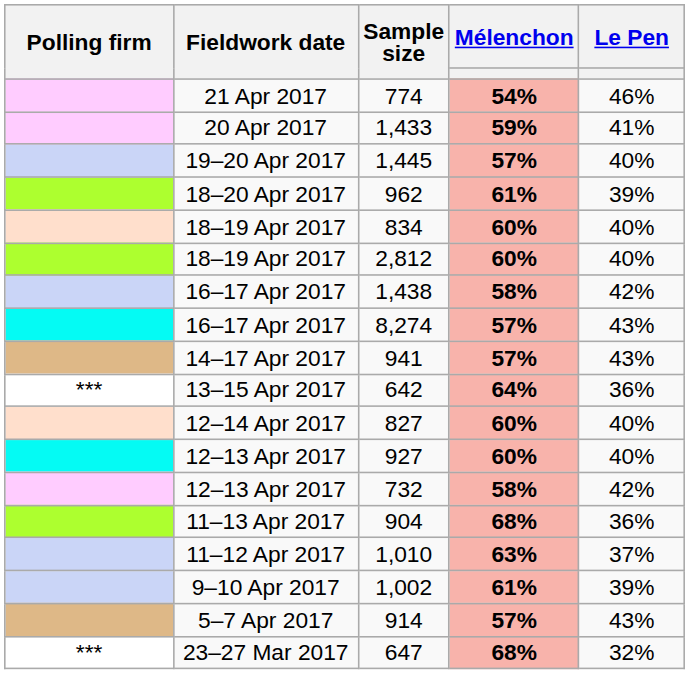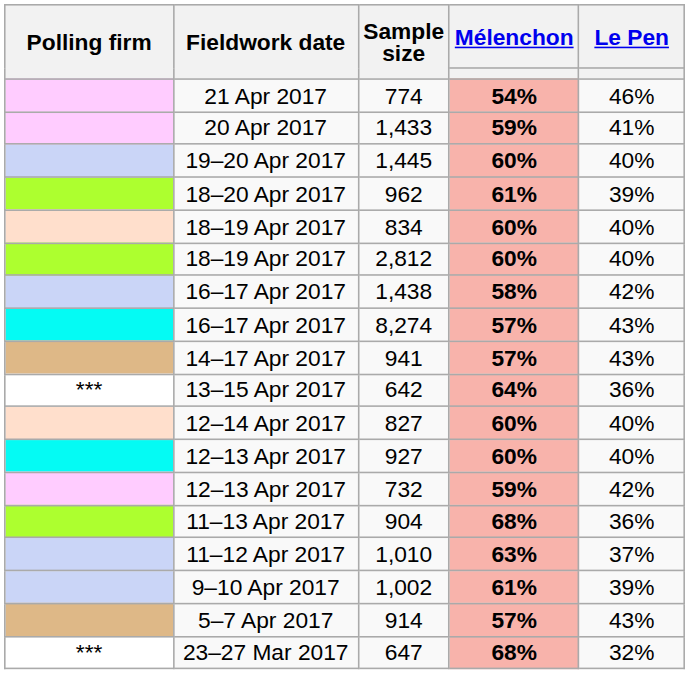 <table class="wikitable sortable" style="text-align:center;font-size:90%;line-height:14px;">
 <tr style="height:40px;">
 <th style="width:100px;" rowspan="2">Polling firm</th>
 <th style="width:110px;" rowspan="2">Fieldwork date</th>
 <th style="width:35px;" rowspan="2">Sample<br>size</th>
 <th class="unsortable" style="width:60px;"><a href='#'>Mélenchon</a><br></th>
 <th class="unsortable" style="width:60px;"><a href='#'>Le Pen</a><br></th>
 </tr>
 <tr>
 <th style="background:"></th>
 <th style="background:"></th>
 </tr>
 <tr>
 <td style="background:#FFCCFF;"></td>
 <td data-sort-value="2017-04-21">21 Apr 2017</td>
 <td>774</td>
 <td style="background:#F8B3AB;"><strong>54%</strong></td>
 <td>46%</td>
 </tr>
 <tr>
 <td style="background:#FFCCFF;"></td>
 <td data-sort-value="2017-04-20">20 Apr 2017</td>
 <td>1,433</td>
 <td style="background:#F8B3AB;"><strong>59%</strong></td>
 <td>41%</td>
 </tr>
 <tr>
 <td style="background:#CAD5F7;"></td>
 <td data-sort-value="2017-04-20">19–20 Apr 2017</td>
 <td>1,445</td>
-<td style="background:#F8B3AB;"><strong>57%</strong></td>
+<td style="background:#F8B3AB;"><strong>60%</strong></td>
 <td>40%</td>
 </tr>
 <tr>
 <td style="background:GreenYellow;"></td>
 <td data-sort-value="2017-04-20">18–20 Apr 2017</td>
 <td>962</td>
 <td style="background:#F8B3AB;"><strong>61%</strong></td>
 <td>39%</td>
 </tr>
 <tr>
 <td style="background:#FFDFCC;"> </td>
 <td data-sort-value="2017-04-19">18–19 Apr 2017</td>
 <td>834</td>
 <td style="background:#F8B3AB;"><strong>60%</strong></td>
 <td>40%</td>
 </tr>
 <tr>
 <td style="background:GreenYellow;"></td>
 <td data-sort-value="2017-04-19">18–19 Apr 2017</td>
 <td>2,812</td>
 <td style="background:#F8B3AB;"><strong>60%</strong></td>
 <td>40%</td>
 </tr>
 <tr>
 <td style="background:#CAD5F7;"></td>
 <td data-sort-value="2017-04-17">16–17 Apr 2017</td>
 <td>1,438</td>
 <td style="background:#F8B3AB;"><strong>58%</strong></td>
 <td>42%</td>
 </tr>
 <tr>
 <td style="background:#04FBF4;"></td>
 <td data-sort-value="2017-04-17">16–17 Apr 2017</td>
 <td>8,274</td>
 <td style="background:#F8B3AB;"><strong>57%</strong></td>
 <td>43%</td>
 </tr>
 <tr>
 <td style="background:burlywood;"> </td>
 <td data-sort-value="2017-04-17">14–17 Apr 2017</td>
 <td>941</td>
 <td style="background:#F8B3AB;"><strong>57%</strong></td>
 <td>43%</td>
 </tr>
 <tr>
 <td style="background:#FFFFFF;">***</td>
 <td data-sort-value="2017-04-15">13–15 Apr 2017</td>
 <td>642</td>
 <td style="background:#F8B3AB;"><strong>64%</strong></td>
 <td>36%</td>
 </tr>
 <tr>
 <td style="background:#FFDFCC;"></td>
 <td data-sort-value="2017-04-14">12–14 Apr 2017</td>
 <td>827</td>
 <td style="background:#F8B3AB;"><strong>60%</strong></td>
 <td>40%</td>
 </tr>
 <tr>
 <td style="background:#04FBF4;"></td>
 <td data-sort-value="2017-04-13">12–13 Apr 2017</td>
 <td>927</td>
 <td style="background:#F8B3AB;"><strong>60%</strong></td>
 <td>40%</td>
 </tr>
 <tr>
 <td style="background:#FFCCFF;"></td>
 <td data-sort-value="2017-04-13">12–13 Apr 2017</td>
 <td>732</td>
-<td style="background:#F8B3AB;"><strong>58%</strong></td>
+<td style="background:#F8B3AB;"><strong>59%</strong></td>
 <td>42%</td>
 </tr>
 <tr>
 <td style="background:GreenYellow;"> </td>
 <td data-sort-value="2017-04-13">11–13 Apr 2017</td>
 <td>904</td>
 <td style="background:#F8B3AB;"><strong>68%</strong></td>
 <td>36%</td>
 </tr>
 <tr>
 <td style="background:#CAD5F7;"></td>
 <td data-sort-value="2017-04-12">11–12 Apr 2017</td>
 <td>1,010</td>
 <td style="background:#F8B3AB;"><strong>63%</strong></td>
 <td>37%</td>
 </tr>
 <tr>
 <td style="background:#CAD5F7;"></td>
 <td data-sort-value="2017-04-10">9–10 Apr 2017</td>
 <td>1,002</td>
 <td style="background:#F8B3AB;"><strong>61%</strong></td>
 <td>39%</td>
 </tr>
 <tr>
 <td style="background:burlywood;"> </td>
 <td data-sort-value="2017-04-07">5–7 Apr 2017</td>
 <td>914</td>
 <td style="background:#F8B3AB;"><strong>57%</strong></td>
 <td>43%</td>
 </tr>
 <tr>
 <td style="background:#FFFFFF;">***</td>
 <td data-sort-value="2017-03-27">23–27 Mar 2017</td>
 <td>647</td>
 <td style="background:#F8B3AB;"><strong>68%</strong></td>
 <td>32%</td>
 </tr>
 </table>
